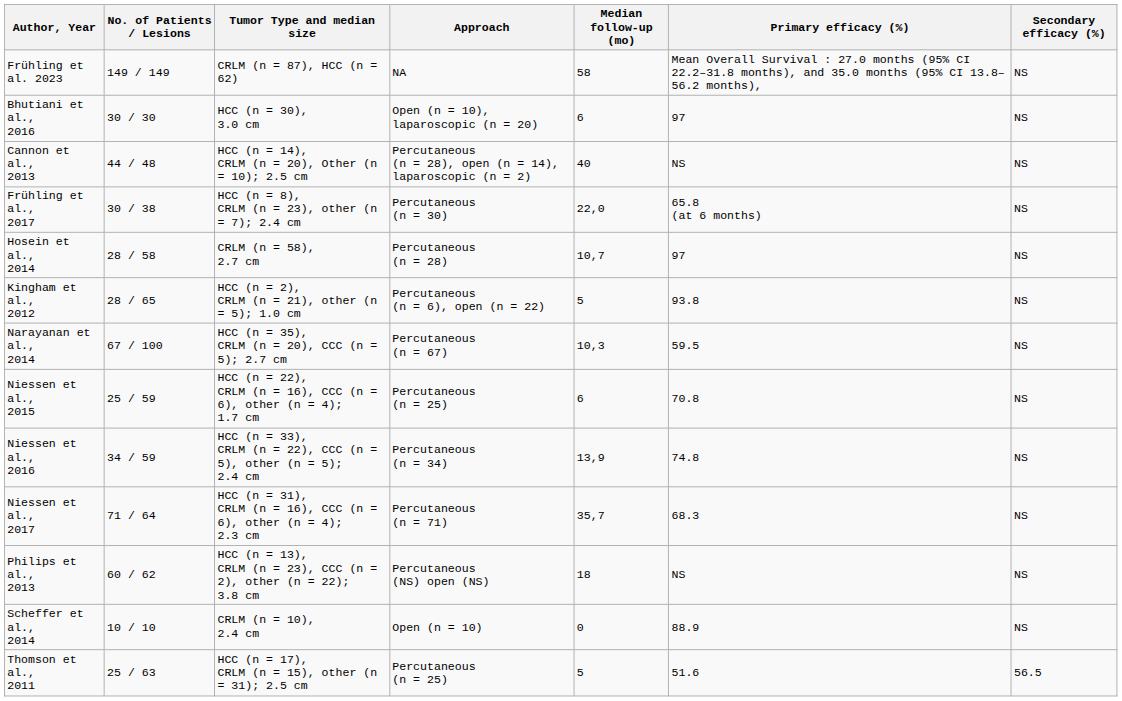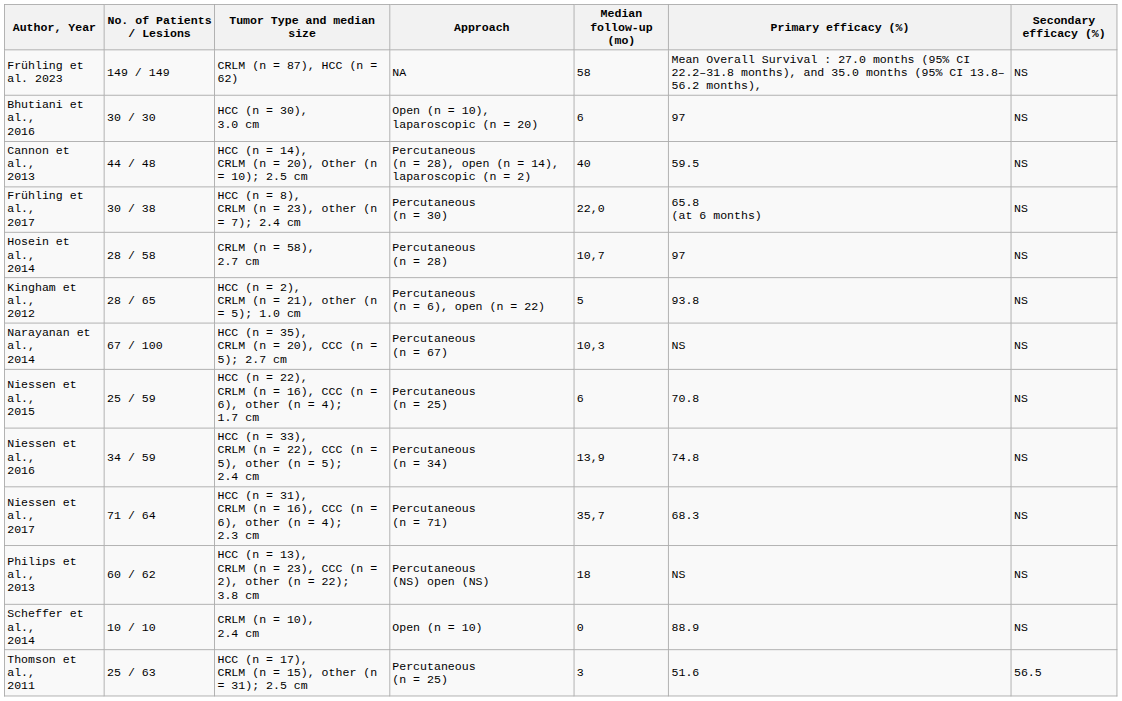 <table class="wikitable">
 <tr>
 <th>Author, Year</th>
 <th>No. of Patients / Lesions</th>
 <th>Tumor Type and median size</th>
 <th>Approach</th>
 <th>Median follow-up (mo)</th>
 <th>Primary efficacy  (%)</th>
 <th>Secondary efficacy  (%)</th>
 </tr>
 <tr>
 <td>Frühling et al. 2023</td>
 <td>149 / 149</td>
 <td>CRLM (n  = 87), HCC (n = 62)</td>
 <td>NA</td>
 <td>58</td>
 <td>Mean Overall Survival : 27.0 months (95% CI 22.2–31.8 months), and 35.0 months (95% CI 13.8–56.2 months),</td>
 <td>NS</td>
 </tr>
 <tr>
 <td>Bhutiani et al.,<br>2016</td>
 <td>30 / 30</td>
 <td>HCC (n = 30),<br>3.0 cm</td>
 <td>Open (n = 10),<br>laparoscopic (n = 20)</td>
 <td>6</td>
 <td>97</td>
 <td>NS</td>
 </tr>
 <tr>
 <td>Cannon et al.,<br>2013</td>
 <td>44 / 48</td>
 <td>HCC (n = 14),<br>CRLM (n = 20), Other (n = 10); 2.5 cm</td>
 <td>Percutaneous<br>(n = 28), open (n = 14), laparoscopic (n = 2)</td>
 <td>40</td>
-<td>NS</td>
+<td>59.5</td>
 <td>NS</td>
 </tr>
 <tr>
 <td>Frühling et al.,<br>2017</td>
 <td>30 / 38</td>
 <td>HCC (n = 8),<br>CRLM (n = 23), other (n = 7); 2.4 cm</td>
 <td>Percutaneous<br>(n = 30)</td>
 <td>22,0</td>
 <td>65.8<br>(at 6 months)</td>
 <td>NS</td>
 </tr>
 <tr>
 <td>Hosein et al.,<br>2014</td>
 <td>28 / 58</td>
 <td>CRLM (n = 58),<br>2.7 cm</td>
 <td>Percutaneous<br>(n = 28)</td>
 <td>10,7</td>
 <td>97</td>
 <td>NS</td>
 </tr>
 <tr>
 <td>Kingham et al.,<br>2012</td>
 <td>28 / 65</td>
 <td>HCC (n = 2),<br>CRLM (n = 21), other (n = 5); 1.0 cm</td>
 <td>Percutaneous<br>(n = 6), open (n = 22)</td>
 <td>5</td>
 <td>93.8</td>
 <td>NS</td>
 </tr>
 <tr>
 <td>Narayanan et al.,<br>2014</td>
 <td>67 / 100</td>
 <td>HCC (n = 35),<br>CRLM (n = 20), CCC (n = 5); 2.7 cm</td>
 <td>Percutaneous<br>(n = 67)</td>
 <td>10,3</td>
-<td>59.5</td>
+<td>NS</td>
 <td>NS</td>
 </tr>
 <tr>
 <td>Niessen et al.,<br>2015</td>
 <td>25 / 59</td>
 <td>HCC (n = 22),<br>CRLM (n = 16), CCC (n = 6), other (n = 4); 1.7 cm</td>
 <td>Percutaneous<br>(n = 25)</td>
 <td>6</td>
 <td>70.8</td>
 <td>NS</td>
 </tr>
 <tr>
 <td>Niessen et al.,<br>2016</td>
 <td>34 / 59</td>
 <td>HCC (n = 33),<br>CRLM (n = 22), CCC (n = 5), other (n = 5); 2.4 cm</td>
 <td>Percutaneous<br>(n = 34)</td>
 <td>13,9</td>
 <td>74.8</td>
 <td>NS</td>
 </tr>
 <tr>
 <td>Niessen et al.,<br>2017</td>
 <td>71 / 64</td>
 <td>HCC (n = 31),<br>CRLM (n = 16), CCC (n = 6), other (n = 4); 2.3 cm</td>
 <td>Percutaneous<br>(n = 71)</td>
 <td>35,7</td>
 <td>68.3</td>
 <td>NS</td>
 </tr>
 <tr>
 <td>Philips et al.,<br>2013</td>
 <td>60 / 62</td>
 <td>HCC (n = 13),<br>CRLM (n = 23), CCC (n = 2), other (n = 22); 3.8 cm</td>
 <td>Percutaneous<br>(NS) open (NS)</td>
 <td>18</td>
 <td>NS</td>
 <td>NS</td>
 </tr>
 <tr>
 <td>Scheffer et al.,<br>2014</td>
 <td>10 / 10</td>
 <td>CRLM (n = 10),<br>2.4 cm</td>
 <td>Open (n = 10)</td>
 <td>0</td>
 <td>88.9</td>
 <td>NS</td>
 </tr>
 <tr>
 <td>Thomson et al.,<br>2011</td>
 <td>25 / 63</td>
 <td>HCC (n = 17),<br>CRLM (n = 15), other (n = 31); 2.5 cm</td>
 <td>Percutaneous<br>(n = 25)</td>
-<td>5</td>
+<td>3</td>
 <td>51.6</td>
 <td>56.5</td>
 </tr>
 </table>
